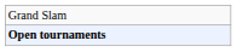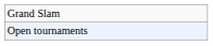 <table class=wikitable style=font-size:85%;width:20%>
 <tr>
 <td>Grand Slam</td>
 </tr>
 <tr bgcolor=#ECF2FF>
-<td><strong>Open tournaments</strong></td>
+<td>Open tournaments</td>
 </tr>
 </table>
